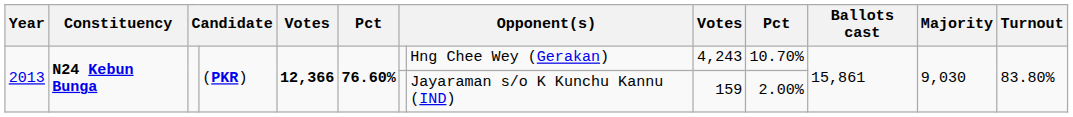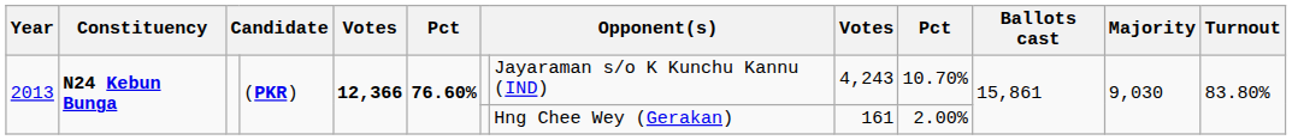 <table class="wikitable" style="margin:0.5em ; font-size:95%">
 <tr>
 <th>Year</th>
 <th>Constituency</th>
 <th colspan=2>Candidate</th>
 <th>Votes</th>
 <th>Pct</th>
 <th colspan=2>Opponent(s)</th>
 <th>Votes</th>
 <th>Pct</th>
 <th>Ballots cast</th>
 <th>Majority</th>
 <th>Turnout</th>
 </tr>
 <tr>
 <td rowspan=2><a href='#'>2013</a></td>
 <td rowspan=2><strong>N24 <a href='#'>Kebun Bunga</a></strong></td>
 <td rowspan=2 ></td>
 <td rowspan=2> (<a href='#'><strong>PKR</strong></a>)</td>
 <td rowspan=2 style="text-align:right;"><strong>12,366</strong></td>
 <td rowspan=2><strong>76.60%</strong></td>
 <td></td>
-<td>Hng Chee Wey (<a href='#'>Gerakan</a>)</td>
+<td>Jayaraman s/o K Kunchu Kannu (<a href='#'>IND</a>)</td>
 <td style="text-align:right;">4,243</td>
 <td>10.70%</td>
 <td rowspan="2">15,861</td>
 <td rowspan="2">9,030</td>
 <td rowspan="2">83.80%</td>
 </tr>
 <tr>
 <td></td>
-<td>Jayaraman s/o K Kunchu Kannu (<a href='#'>IND</a>)</td>
-<td style="text-align:right;">159</td>
+<td>Hng Chee Wey (<a href='#'>Gerakan</a>)</td>
+<td style="text-align:right;">161</td>
 <td style="text-align:right;">2.00%</td>
 </tr>
 </table>
